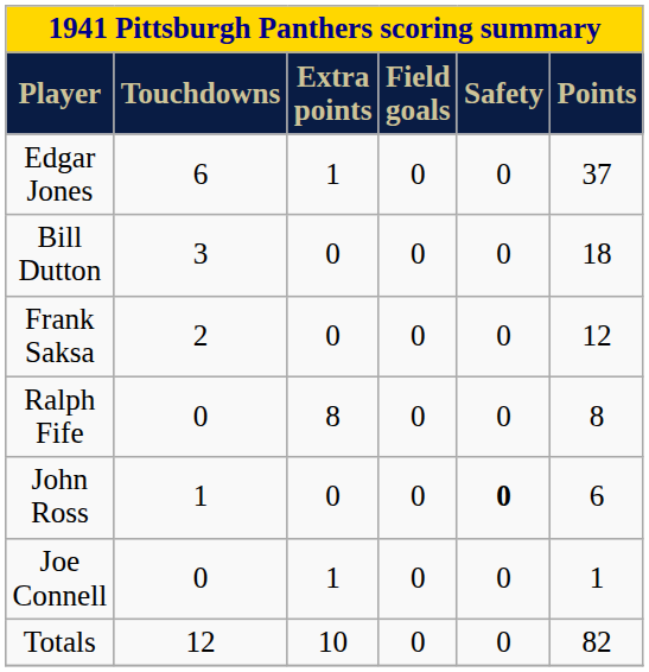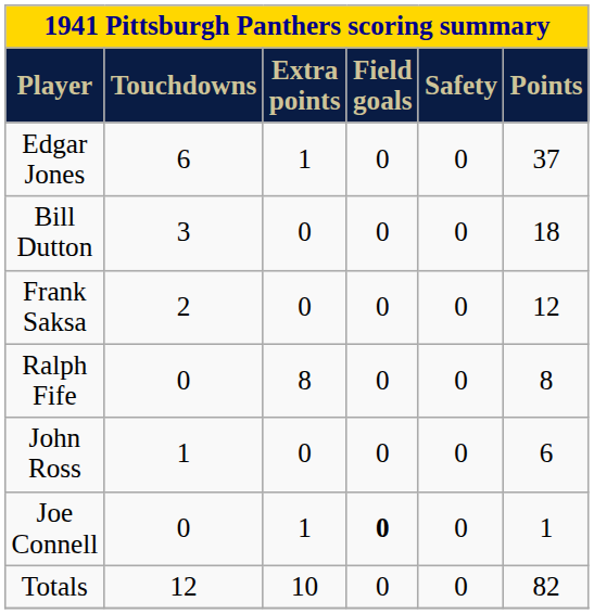 <table class="wikitable" width="35%">
 <tr>
 <th colspan="10" style="background:gold; color:darkblue; text-align: center;"><strong>1941 Pittsburgh Panthers scoring summary</strong></th>
 </tr>
 <tr align="center"  style="background:#091C44;color:#CEC499;">
 <td><strong>Player</strong></td>
 <td><strong>Touchdowns</strong></td>
 <td><strong>Extra points</strong></td>
 <td><strong>Field goals</strong></td>
 <td><strong>Safety</strong></td>
 <td><strong>Points</strong></td>
 </tr>
 <tr align="center" bgcolor="">
 <td>Edgar Jones</td>
 <td>6</td>
 <td>1</td>
 <td>0</td>
 <td>0</td>
 <td>37</td>
 </tr>
 <tr align="center" bgcolor="">
 <td>Bill Dutton</td>
 <td>3</td>
 <td>0</td>
 <td>0</td>
 <td>0</td>
 <td>18</td>
 </tr>
 <tr align="center" bgcolor="">
 <td>Frank Saksa</td>
 <td>2</td>
 <td>0</td>
 <td>0</td>
 <td>0</td>
 <td>12</td>
 </tr>
 <tr align="center" bgcolor="">
 <td>Ralph Fife</td>
 <td>0</td>
 <td>8</td>
 <td>0</td>
 <td>0</td>
 <td>8</td>
 </tr>
 <tr align="center" bgcolor="">
 <td>John Ross</td>
 <td>1</td>
 <td>0</td>
 <td>0</td>
-<td><strong>0</strong></td>
+<td>0</td>
 <td>6</td>
 </tr>
 <tr align="center" bgcolor="">
 <td>Joe Connell</td>
 <td>0</td>
 <td>1</td>
-<td>0</td>
+<td><strong>0</strong></td>
 <td>0</td>
 <td>1</td>
 </tr>
 <tr align="center" bgcolor="">
 <td>Totals</td>
 <td>12</td>
 <td>10</td>
 <td>0</td>
 <td>0</td>
 <td>82</td>
 </tr>
 <tr align="center" bgcolor="">
 </tr>
 </table>
